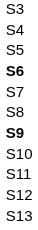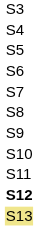 <table>
 <tr>
 <td>S3</td>
 <td></td>
 <td></td>
 <td></td>
 </tr>
 <tr>
 <td>S4</td>
 <td></td>
 <td></td>
 <td></td>
 </tr>
 <tr>
 <td>S5</td>
 <td></td>
 <td></td>
 <td></td>
 </tr>
 <tr>
-<td><strong>S6</strong></td>
+<td>S6</td>
 <td></td>
 <td></td>
 <td></td>
 </tr>
 <tr>
 <td>S7</td>
 <td></td>
 <td></td>
 <td></td>
 </tr>
 <tr>
 <td>S8</td>
 <td></td>
 <td></td>
 <td></td>
 </tr>
 <tr>
-<td><strong>S9</strong></td>
+<td>S9</td>
 <td></td>
 <td></td>
 <td></td>
 </tr>
 <tr>
 <td>S10</td>
 <td></td>
 <td></td>
 <td></td>
 </tr>
 <tr>
 <td>S11</td>
 <td></td>
 <td></td>
 <td></td>
 </tr>
 <tr>
-<td>S12</td>
+<td><strong>S12</strong></td>
 <td></td>
 <td></td>
 <td></td>
 </tr>
 <tr>
-<td>S13</td>
+<td style="background: khaki;">S13</td>
 <td></td>
 <td></td>
 <td></td>
 </tr>
 </table>
